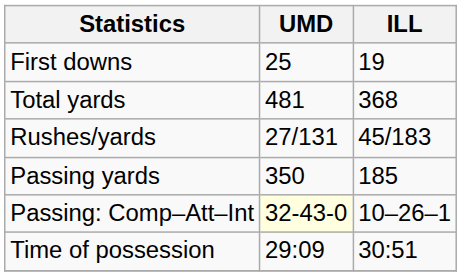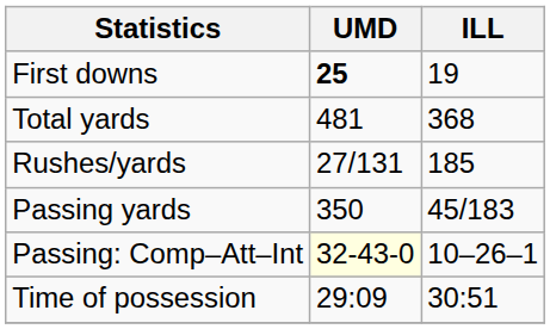 <table class="wikitable" style="float: left;">
 <tr>
 <th>Statistics</th>
 <th>UMD</th>
 <th>ILL</th>
 </tr>
 <tr>
 <td>First downs</td>
-<td>25</td>
+<td><strong>25</strong></td>
 <td>19</td>
 </tr>
 <tr>
 <td>Total yards</td>
 <td>481</td>
 <td>368</td>
 </tr>
 <tr>
 <td>Rushes/yards</td>
 <td>27/131</td>
-<td>45/183</td>
+<td>185</td>
 </tr>
 <tr>
 <td>Passing yards</td>
 <td>350</td>
-<td>185</td>
+<td>45/183</td>
 </tr>
 <tr>
 <td>Passing: Comp–Att–Int</td>
 <td style="background: lightyellow;">32-43-0</td>
 <td>10–26–1</td>
 </tr>
 <tr>
 <td>Time of possession</td>
 <td>29:09</td>
 <td>30:51</td>
 </tr>
 <tr>
 </tr>
 </table>
